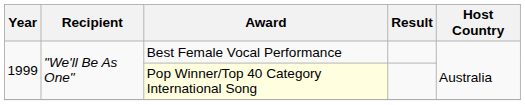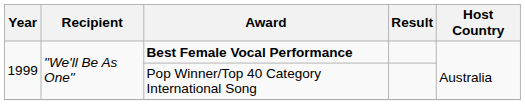 <table class="wikitable">
 <tr>
 <th>Year</th>
 <th>Recipient</th>
 <th>Award</th>
 <th>Result</th>
 <th>Host Country</th>
 </tr>
 <tr>
 <td rowspan="2">1999</td>
 <td rowspan="2"><em>"We'll Be As One"</em></td>
-<td rowspan="1">Best Female Vocal Performance</td>
+<td rowspan="1"><strong>Best Female Vocal Performance</strong></td>
 <td></td>
 <td rowspan="2"> <br> Australia</td>
 </tr>
 <tr>
-<td style="background: lightyellow;">Pop Winner/Top 40 Category International Song</td>
+<td>Pop Winner/Top 40 Category International Song</td>
 <td></td>
 </tr>
 <tr>
 </tr>
 </table>
